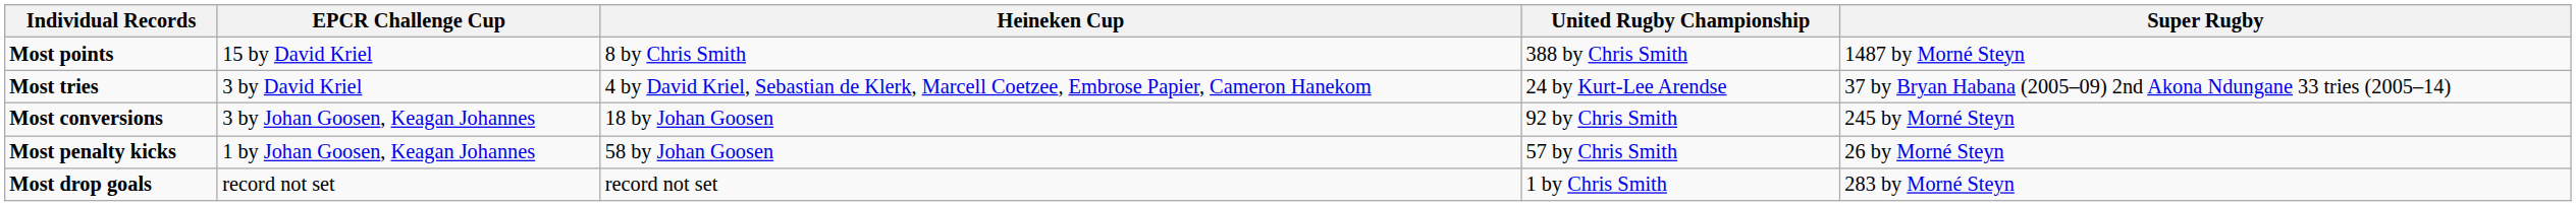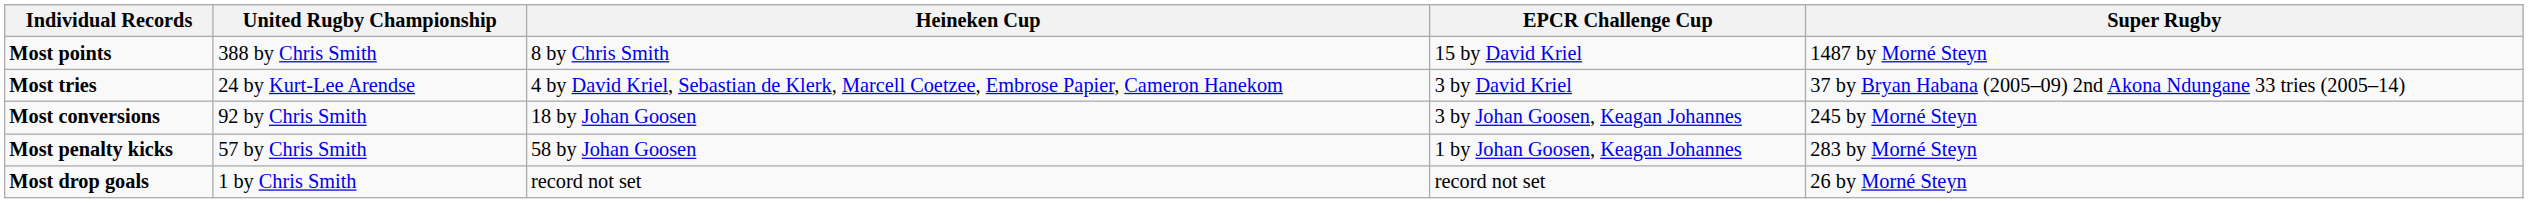 <table class="wikitable" width="100%">
 <tr style="background:#BCD4E6">
 <th>Individual Records</th>
+<th>United Rugby Championship</th>
+<th>Heineken Cup</th>
 <th>EPCR Challenge Cup</th>
-<th>Heineken Cup</th>
-<th>United Rugby Championship</th>
 <th>Super Rugby</th>
 </tr>
 <tr>
 <td><strong>Most points</strong></td>
+<td>388 by <a href='#'>Chris Smith</a></td>
+<td>8 by <a href='#'>Chris Smith</a></td>
 <td>15 by <a href='#'>David Kriel</a></td>
-<td>8 by <a href='#'>Chris Smith</a></td>
-<td>388 by <a href='#'>Chris Smith</a></td>
 <td>1487 by <a href='#'>Morné Steyn</a></td>
 </tr>
 <tr>
 <td><strong>Most tries</strong></td>
+<td>24 by <a href='#'>Kurt-Lee Arendse</a></td>
+<td>4 by <a href='#'>David Kriel</a>, <a href='#'>Sebastian de Klerk</a>, <a href='#'>Marcell Coetzee</a>, <a href='#'>Embrose Papier</a>, <a href='#'>Cameron Hanekom</a></td>
 <td>3 by <a href='#'>David Kriel</a></td>
-<td>4 by <a href='#'>David Kriel</a>, <a href='#'>Sebastian de Klerk</a>, <a href='#'>Marcell Coetzee</a>, <a href='#'>Embrose Papier</a>, <a href='#'>Cameron Hanekom</a></td>
-<td>24 by <a href='#'>Kurt-Lee Arendse</a></td>
 <td>37 by <a href='#'>Bryan Habana</a> (2005–09) 2nd <a href='#'>Akona Ndungane</a> 33 tries (2005–14)</td>
 </tr>
 <tr>
 <td><strong>Most conversions</strong></td>
+<td>92 by <a href='#'>Chris Smith</a></td>
+<td>18 by <a href='#'>Johan Goosen</a></td>
 <td>3 by <a href='#'>Johan Goosen</a>, <a href='#'>Keagan Johannes</a></td>
-<td>18 by <a href='#'>Johan Goosen</a></td>
-<td>92 by <a href='#'>Chris Smith</a></td>
 <td>245 by <a href='#'>Morné Steyn</a></td>
 </tr>
 <tr>
 <td><strong>Most penalty kicks</strong></td>
+<td>57 by <a href='#'>Chris Smith</a></td>
+<td>58 by <a href='#'>Johan Goosen</a></td>
 <td>1 by <a href='#'>Johan Goosen</a>, <a href='#'>Keagan Johannes</a></td>
-<td>58 by <a href='#'>Johan Goosen</a></td>
-<td>57 by <a href='#'>Chris Smith</a></td>
-<td>26 by <a href='#'>Morné Steyn</a></td>
+<td>283 by <a href='#'>Morné Steyn</a></td>
 </tr>
 <tr>
 <td><strong>Most drop goals</strong></td>
+<td>1 by <a href='#'>Chris Smith</a></td>
 <td>record not set</td>
 <td>record not set</td>
-<td>1 by <a href='#'>Chris Smith</a></td>
-<td>283 by <a href='#'>Morné Steyn</a></td>
+<td>26 by <a href='#'>Morné Steyn</a></td>
 </tr>
 </table>
